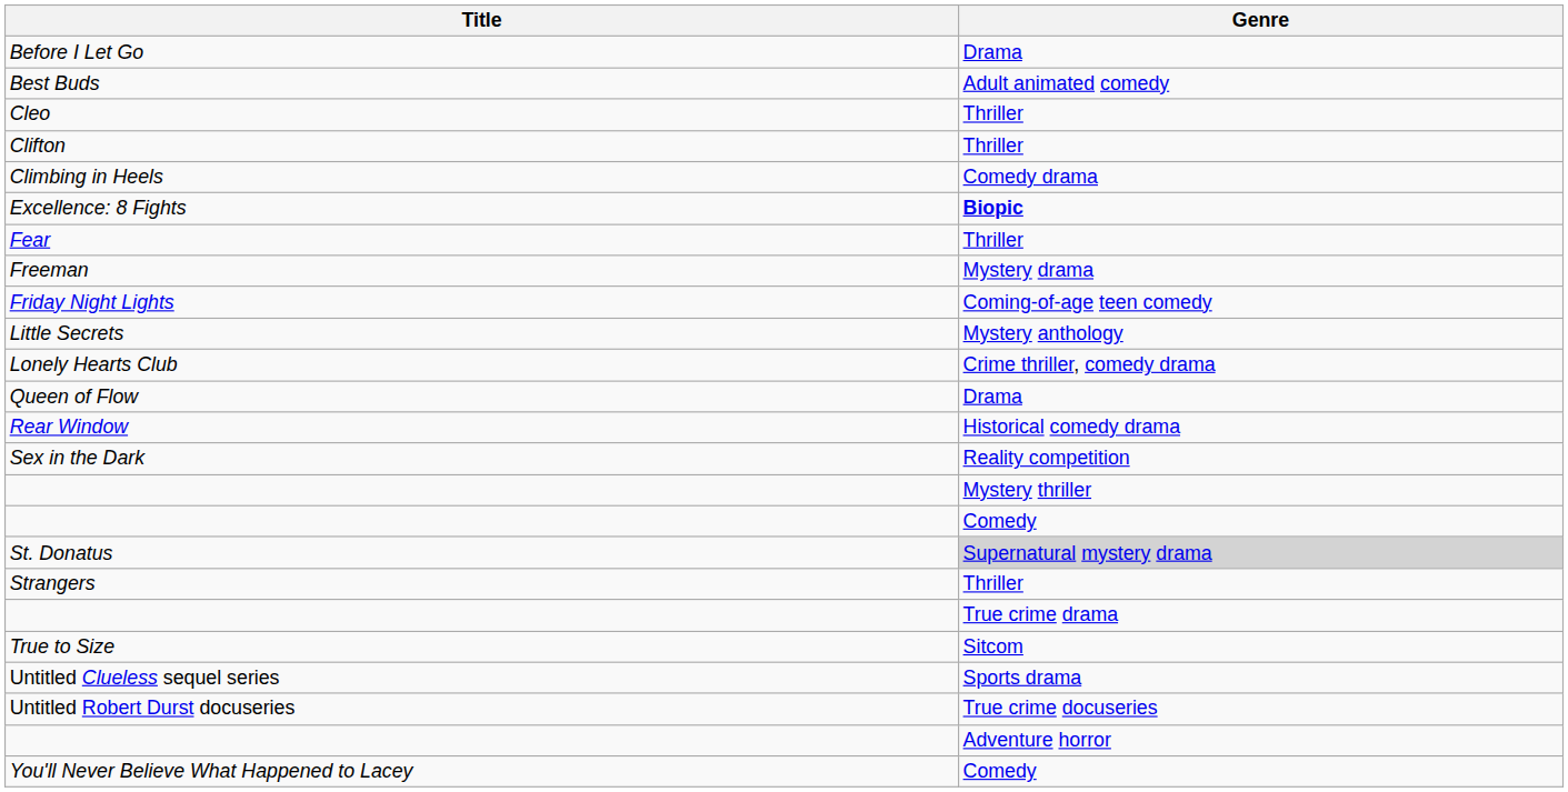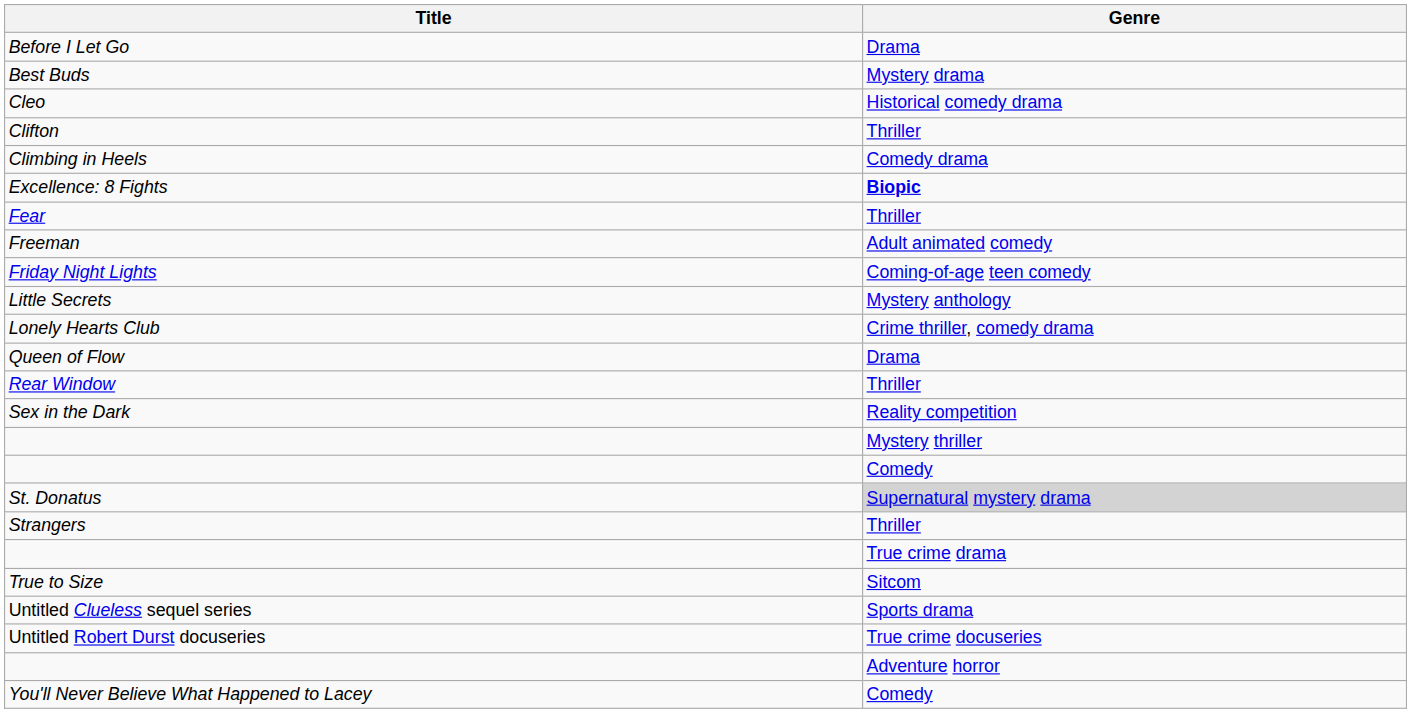 <table class="wikitable sortable" style="width:100%;">
 <tr>
 <th>Title</th>
 <th>Genre</th>
 </tr>
 <tr>
 <td><em>Before I Let Go</em></td>
 <td><a href='#'>Drama</a></td>
 </tr>
 <tr>
 <td><em>Best Buds</em></td>
-<td><a href='#'>Adult animated</a> <a href='#'>comedy</a></td>
+<td><a href='#'>Mystery</a> <a href='#'>drama</a></td>
 </tr>
 <tr>
 <td><em>Cleo</em></td>
-<td><a href='#'>Thriller</a></td>
+<td><a href='#'>Historical</a> <a href='#'>comedy drama</a></td>
 </tr>
 <tr>
 <td><em>Clifton</em></td>
 <td><a href='#'>Thriller</a></td>
 </tr>
 <tr>
 <td><em>Climbing in Heels</em></td>
 <td><a href='#'>Comedy drama</a></td>
 </tr>
 <tr>
 <td><em>Excellence: 8 Fights</em></td>
 <td><strong><a href='#'>Biopic</a></strong></td>
 </tr>
 <tr>
 <td><em><a href='#'>Fear</a></em></td>
 <td><a href='#'>Thriller</a></td>
 </tr>
 <tr>
 <td><em>Freeman</em></td>
-<td><a href='#'>Mystery</a> <a href='#'>drama</a></td>
+<td><a href='#'>Adult animated</a> <a href='#'>comedy</a></td>
 </tr>
 <tr>
 <td><em><a href='#'>Friday Night Lights</a></em></td>
 <td><a href='#'>Coming-of-age</a> <a href='#'>teen comedy</a></td>
 </tr>
 <tr>
 <td><em>Little Secrets</em></td>
 <td><a href='#'>Mystery</a> <a href='#'>anthology</a></td>
 </tr>
 <tr>
 <td><em>Lonely Hearts Club</em></td>
 <td><a href='#'>Crime thriller</a>, <a href='#'>comedy drama</a></td>
 </tr>
 <tr>
 <td><em>Queen of Flow</em></td>
 <td><a href='#'>Drama</a></td>
 </tr>
 <tr>
 <td><em><a href='#'>Rear Window</a></em></td>
-<td><a href='#'>Historical</a> <a href='#'>comedy drama</a></td>
+<td><a href='#'>Thriller</a></td>
 </tr>
 <tr>
 <td><em>Sex in the Dark</em></td>
 <td><a href='#'>Reality competition</a></td>
 </tr>
 <tr>
 <td><em></em></td>
 <td><a href='#'>Mystery</a> <a href='#'>thriller</a></td>
 </tr>
 <tr>
 <td><em></em></td>
 <td><a href='#'>Comedy</a></td>
 </tr>
 <tr>
 <td><em>St. Donatus</em></td>
 <td style="background: lightgrey;"><a href='#'>Supernatural</a> <a href='#'>mystery</a> <a href='#'>drama</a></td>
 </tr>
 <tr>
 <td><em>Strangers</em></td>
 <td><a href='#'>Thriller</a></td>
 </tr>
 <tr>
 <td><em></em></td>
 <td><a href='#'>True crime</a> <a href='#'>drama</a></td>
 </tr>
 <tr>
 <td><em>True to Size</em></td>
 <td><a href='#'>Sitcom</a></td>
 </tr>
 <tr>
 <td>Untitled <em><a href='#'>Clueless</a></em> sequel series</td>
 <td><a href='#'>Sports drama</a></td>
 </tr>
 <tr>
 <td>Untitled <a href='#'>Robert Durst</a> docuseries</td>
 <td><a href='#'>True crime</a> <a href='#'>docuseries</a></td>
 </tr>
 <tr>
 <td><em></em></td>
 <td><a href='#'>Adventure</a> <a href='#'>horror</a></td>
 </tr>
 <tr>
 <td><em>You'll Never Believe What Happened to Lacey</em></td>
 <td><a href='#'>Comedy</a></td>
 </tr>
 </table>
